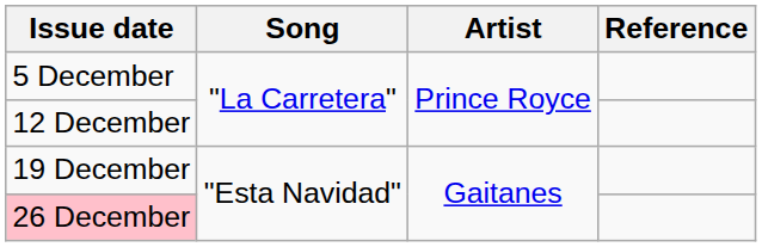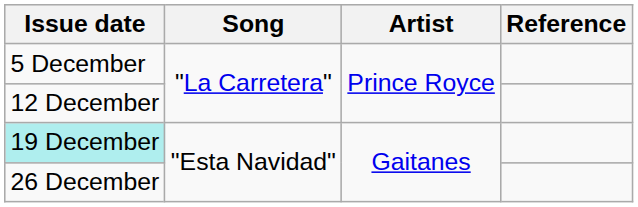 <table class="wikitable">
 <tr>
 <th>Issue date</th>
 <th>Song</th>
 <th>Artist</th>
 <th>Reference</th>
 </tr>
 <tr>
 <td>5 December</td>
 <td align="center" rowspan="2">"<a href='#'>La Carretera</a>"</td>
 <td align="center" rowspan="2"><a href='#'>Prince Royce</a></td>
 <td align="center"></td>
 </tr>
 <tr>
 <td>12 December</td>
 <td align="center"></td>
 </tr>
 <tr>
-<td>19 December</td>
+<td style="background: paleturquoise;">19 December</td>
 <td align="center" rowspan="2">"Esta Navidad"</td>
 <td align="center" rowspan="2"><a href='#'>Gaitanes</a></td>
 <td align="center"></td>
 </tr>
 <tr>
-<td style="background: pink;">26 December</td>
+<td>26 December</td>
 <td align="center"></td>
 </tr>
 </table>
